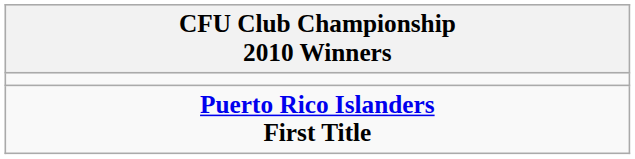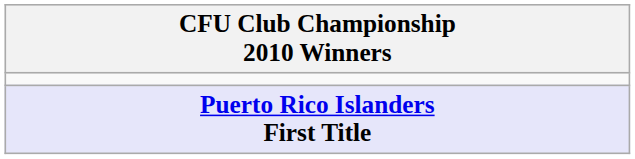 <table class="wikitable" style="text-align: center; margin: 0 auto; width: 20%">
 <tr>
 <th>CFU Club Championship<br>2010 Winners</th>
 </tr>
 <tr>
 <td></td>
 </tr>
 <tr>
-<td><strong><a href='#'>Puerto Rico Islanders</a></strong><br><strong>First Title</strong></td>
+<td style="background: lavender;"><strong><a href='#'>Puerto Rico Islanders</a></strong><br><strong>First Title</strong></td>
 </tr>
 </table>
